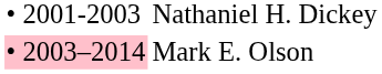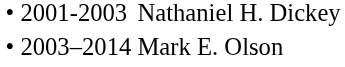 <table>
 <tr>
 <td>• 2001-2003</td>
 <td>Nathaniel H. Dickey</td>
 </tr>
 <tr>
-<td style="background: pink;">• 2003–2014</td>
+<td>• 2003–2014</td>
 <td>Mark E. Olson</td>
 </tr>
 </table>
